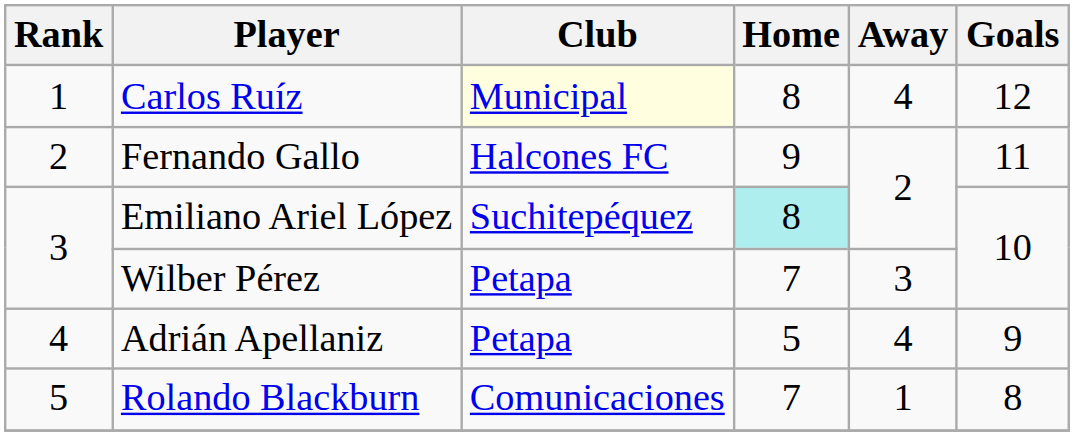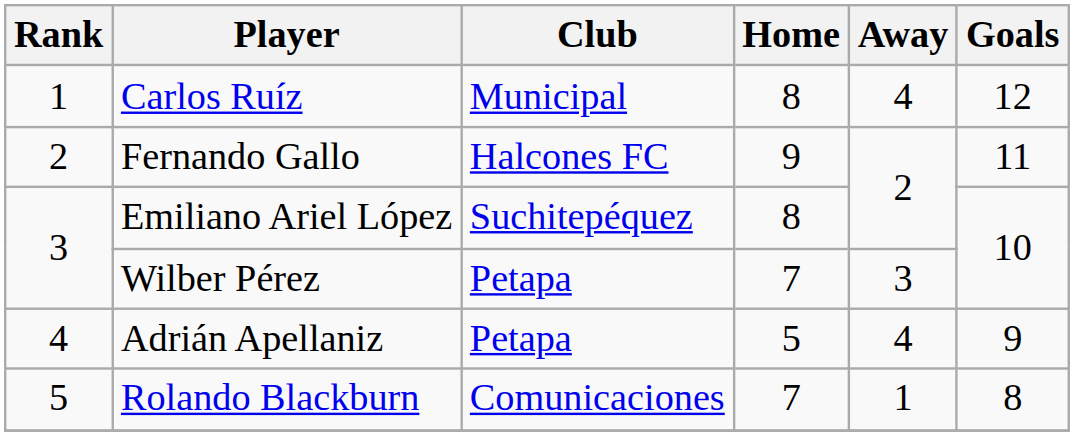 <table class="wikitable" style="text-align:center">
 <tr>
 <th>Rank</th>
 <th>Player</th>
 <th>Club</th>
 <th>Home</th>
 <th>Away</th>
 <th>Goals</th>
 </tr>
 <tr>
 <td>1</td>
 <td align="left"> <a href='#'>Carlos Ruíz</a></td>
-<td align="left" style="background: lightyellow;"><a href='#'>Municipal</a></td>
+<td align="left"><a href='#'>Municipal</a></td>
 <td>8</td>
 <td>4</td>
 <td>12</td>
 </tr>
 <tr>
 <td>2</td>
 <td align="left"> Fernando Gallo</td>
 <td align="left"><a href='#'>Halcones FC</a></td>
 <td>9</td>
 <td rowspan=2>2</td>
 <td>11</td>
 </tr>
 <tr>
 <td rowspan=2>3</td>
 <td align="left"> Emiliano Ariel López</td>
 <td align="left"><a href='#'>Suchitepéquez</a></td>
-<td style="background: paleturquoise;">8</td>
+<td>8</td>
 <td rowspan=2>10</td>
 </tr>
 <tr>
 <td align="left"> Wilber Pérez</td>
 <td align="left"><a href='#'>Petapa</a></td>
 <td>7</td>
 <td>3</td>
 </tr>
 <tr>
 <td>4</td>
 <td align="left"> Adrián Apellaniz</td>
 <td align="left"><a href='#'>Petapa</a></td>
 <td>5</td>
 <td>4</td>
 <td>9</td>
 </tr>
 <tr>
 <td>5</td>
 <td align="left"> <a href='#'>Rolando Blackburn</a></td>
 <td align="left"><a href='#'>Comunicaciones</a></td>
 <td>7</td>
 <td>1</td>
 <td>8</td>
 </tr>
 <tr>
 </tr>
 </table>
